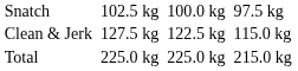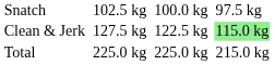 <table>
 <tr>
 <td>Snatch</td>
 <td></td>
 <td>102.5 kg</td>
 <td></td>
 <td>100.0 kg</td>
 <td></td>
 <td>97.5 kg</td>
 </tr>
 <tr>
 <td>Clean & Jerk</td>
 <td></td>
 <td>127.5 kg</td>
 <td></td>
 <td>122.5 kg</td>
 <td></td>
-<td>115.0 kg</td>
+<td style="background: lightgreen;">115.0 kg</td>
 </tr>
 <tr>
 <td>Total</td>
 <td></td>
 <td>225.0 kg</td>
 <td></td>
 <td>225.0 kg</td>
 <td></td>
 <td>215.0 kg</td>
 </tr>
 </table>
